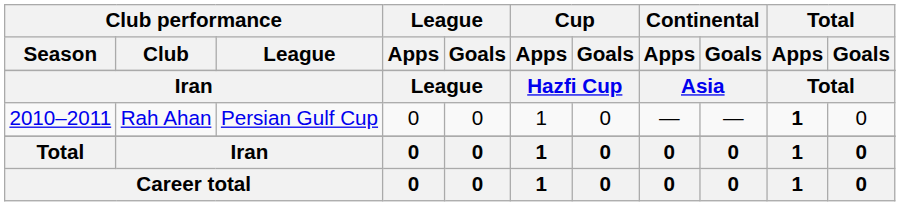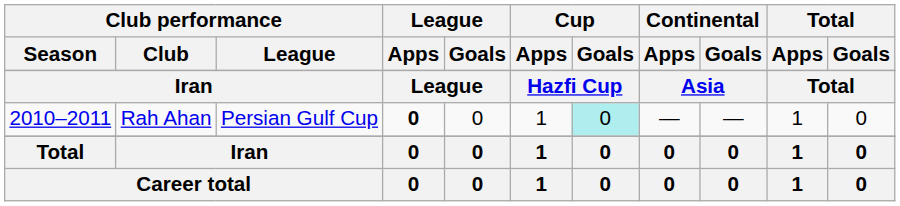 <table class="wikitable" style="text-align:center">
 <tr>
 <th colspan=3>Club performance</th>
 <th colspan=2>League</th>
 <th colspan=2>Cup</th>
 <th colspan=2>Continental</th>
 <th colspan=2>Total</th>
 </tr>
 <tr>
 <th>Season</th>
 <th>Club</th>
 <th>League</th>
 <th>Apps</th>
 <th>Goals</th>
 <th>Apps</th>
 <th>Goals</th>
 <th>Apps</th>
 <th>Goals</th>
 <th>Apps</th>
 <th>Goals</th>
 </tr>
 <tr>
 </tr>
 <tr>
 <th colspan=3>Iran</th>
 <th colspan=2>League</th>
 <th colspan=2><a href='#'>Hazfi Cup</a></th>
 <th colspan=2><a href='#'>Asia</a></th>
 <th colspan=2>Total</th>
 </tr>
 <tr>
 <td><a href='#'>2010–2011</a></td>
 <td rowspan="1"><a href='#'>Rah Ahan</a></td>
 <td rowspan="1"><a href='#'>Persian Gulf Cup</a></td>
-<td>0</td>
+<td><strong>0</strong></td>
 <td>0</td>
 <td>1</td>
-<td>0</td>
+<td style="background: paleturquoise;">0</td>
 <td>—</td>
 <td>—</td>
-<td><strong>1</strong></td>
+<td>1</td>
 <td>0</td>
 </tr>
 <tr>
 </tr>
 <tr>
 <th rowspan=1>Total</th>
 <th colspan=2>Iran</th>
 <th>0</th>
 <th>0</th>
 <th>1</th>
 <th>0</th>
 <th>0</th>
 <th>0</th>
 <th>1</th>
 <th>0</th>
 </tr>
 <tr>
 <th colspan=3>Career total</th>
 <th>0</th>
 <th>0</th>
 <th>1</th>
 <th>0</th>
 <th>0</th>
 <th>0</th>
 <th>1</th>
 <th>0</th>
 </tr>
 </table>
